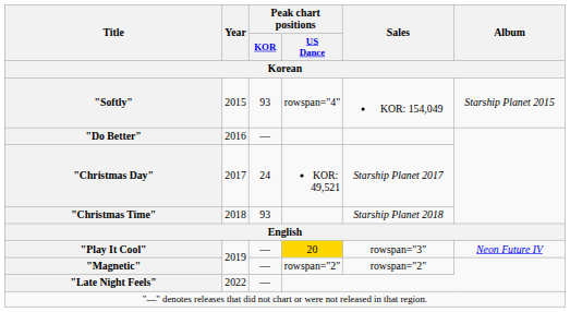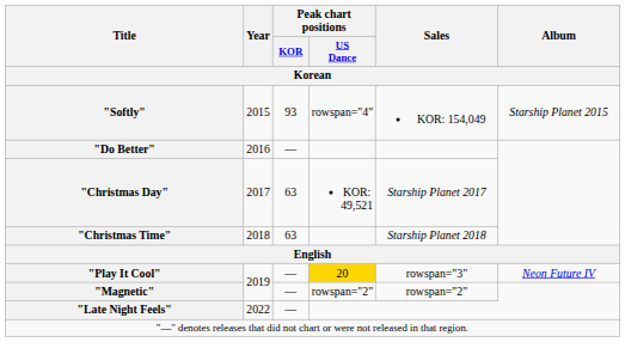 <table class="wikitable plainrowheaders" style="text-align:center;">
 <tr>
 <th scope="col" rowspan="2" style="width:20em;">Title</th>
 <th scope="col" rowspan="2">Year</th>
 <th scope="col" colspan="2">Peak chart positions</th>
 <th scope="col" rowspan="2" style="width:10em;">Sales</th>
 <th scope="col" rowspan="2" style="width:10em;">Album</th>
 </tr>
 <tr>
 <th scope="col" style="width:3em;font-size:90%;"><a href='#'>KOR</a><br></th>
 <th scope="col" style="width:3em;font-size:90%;"><a href='#'>US<br>Dance</a><br></th>
 </tr>
 <tr>
 <th colspan="6">Korean</th>
 </tr>
 <tr>
 <th scope="row">"Softly" <br></th>
 <td>2015</td>
 <td>93</td>
 <td>rowspan="4" </td>
 <td><br><ul><li>KOR: 154,049</li></ul></td>
 <td><em>Starship Planet 2015</em></td>
 </tr>
 <tr>
 <th scope="row">"Do Better" <br></th>
 <td>2016</td>
 <td>—</td>
 <td></td>
 <td></td>
 </tr>
 <tr>
 <th scope="row">"Christmas Day" <br></th>
 <td>2017</td>
-<td>24</td>
+<td>63</td>
 <td><br><ul><li>KOR: 49,521</li></ul></td>
 <td><em>Starship Planet 2017</em></td>
 </tr>
 <tr>
 <th scope="row">"Christmas Time" <br></th>
 <td>2018</td>
-<td>93</td>
+<td>63</td>
 <td></td>
 <td><em>Starship Planet 2018</em></td>
 </tr>
 <tr>
 <th colspan="6">English</th>
 </tr>
 <tr>
 <th scope="row">"Play It Cool" <br></th>
 <td rowspan="2">2019</td>
 <td>—</td>
 <td style="background: gold;">20</td>
 <td>rowspan="3" </td>
 <td><em><a href='#'>Neon Future IV</a></em></td>
 </tr>
 <tr>
 <th scope="row">"Magnetic" <br></th>
 <td>—</td>
 <td>rowspan="2" </td>
 <td>rowspan="2" </td>
 </tr>
 <tr>
 <th scope="row">"Late Night Feels" <br></th>
 <td>2022</td>
 <td>—</td>
 </tr>
 <tr>
 <td colspan="6" style="font-size:90%">"—" denotes releases that did not chart or were not released in that region.</td>
 </tr>
 </table>
